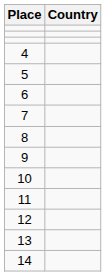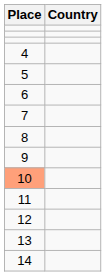 <table class="wikitable" style="font-size:95%;">
 <tr>
 <th>Place</th>
 <th>Country</th>
 </tr>
 <tr>
 <td align="center"></td>
 <td></td>
 </tr>
 <tr>
 <td align="center"></td>
 <td></td>
 </tr>
 <tr>
 <td align="center"></td>
 <td></td>
 </tr>
 <tr>
 <td align="center">4</td>
 <td></td>
 </tr>
 <tr>
 <td align="center">5</td>
 <td></td>
 </tr>
 <tr>
 <td align="center">6</td>
 <td></td>
 </tr>
 <tr>
 <td align="center">7</td>
 <td></td>
 </tr>
 <tr>
 <td align="center">8</td>
 <td></td>
 </tr>
 <tr>
 <td align="center">9</td>
 <td></td>
 </tr>
 <tr>
-<td align="center">10</td>
+<td align="center" style="background: lightsalmon;">10</td>
 <td></td>
 </tr>
 <tr>
 <td align="center">11</td>
 <td></td>
 </tr>
 <tr>
 <td align="center">12</td>
 <td></td>
 </tr>
 <tr>
 <td align="center">13</td>
 <td></td>
 </tr>
 <tr>
 <td align="center">14</td>
 <td></td>
 </tr>
 </table>
